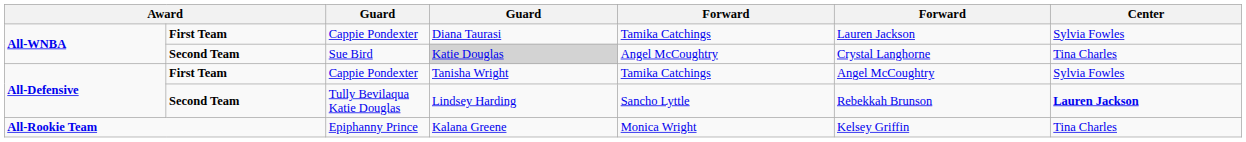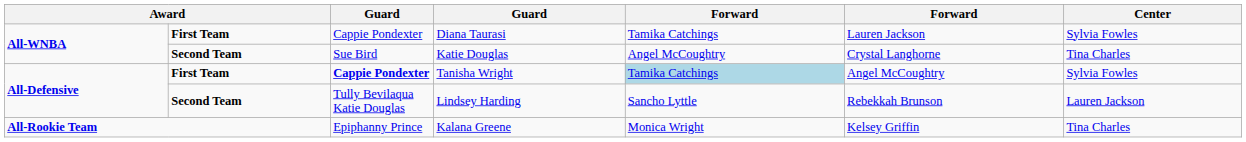 <table class="wikitable" style="width: 80%">
 <tr>
 <th colspan="2">Award</th>
 <th width=125>Guard</th>
 <th>Guard</th>
 <th>Forward</th>
 <th>Forward</th>
 <th>Center</th>
 </tr>
 <tr>
 <td rowspan="2"><strong><a href='#'>All-WNBA</a></strong></td>
 <td><strong>First Team</strong></td>
 <td><a href='#'>Cappie Pondexter</a></td>
 <td><a href='#'>Diana Taurasi</a></td>
 <td><a href='#'>Tamika Catchings</a></td>
 <td><a href='#'>Lauren Jackson</a></td>
 <td><a href='#'>Sylvia Fowles</a></td>
 </tr>
 <tr>
 <td><strong>Second Team</strong></td>
 <td><a href='#'>Sue Bird</a></td>
-<td style="background: lightgrey;"><a href='#'>Katie Douglas</a></td>
+<td><a href='#'>Katie Douglas</a></td>
 <td><a href='#'>Angel McCoughtry</a></td>
 <td><a href='#'>Crystal Langhorne</a></td>
 <td><a href='#'>Tina Charles</a></td>
 </tr>
 <tr>
 <td rowspan="2"><strong><a href='#'>All-Defensive</a></strong></td>
 <td><strong>First Team</strong></td>
-<td><a href='#'>Cappie Pondexter</a></td>
+<td><strong><a href='#'>Cappie Pondexter</a></strong></td>
 <td><a href='#'>Tanisha Wright</a></td>
-<td><a href='#'>Tamika Catchings</a></td>
+<td style="background: lightblue;"><a href='#'>Tamika Catchings</a></td>
 <td><a href='#'>Angel McCoughtry</a></td>
 <td><a href='#'>Sylvia Fowles</a></td>
 </tr>
 <tr>
 <td><strong>Second Team</strong></td>
 <td><a href='#'>Tully Bevilaqua</a><br><a href='#'>Katie Douglas</a></td>
 <td><a href='#'>Lindsey Harding</a></td>
 <td><a href='#'>Sancho Lyttle</a></td>
 <td><a href='#'>Rebekkah Brunson</a></td>
-<td><strong><a href='#'>Lauren Jackson</a></strong></td>
+<td><a href='#'>Lauren Jackson</a></td>
 </tr>
 <tr>
 <td colspan="2"><strong><a href='#'>All-Rookie Team</a></strong></td>
 <td><a href='#'>Epiphanny Prince</a></td>
 <td><a href='#'>Kalana Greene</a></td>
 <td><a href='#'>Monica Wright</a></td>
 <td><a href='#'>Kelsey Griffin</a></td>
 <td><a href='#'>Tina Charles</a></td>
 </tr>
 </table>
